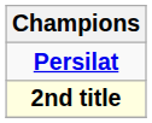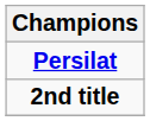 <table class="wikitable" style="text-align: center; margin: 0 auto;">
 <tr>
 <th>Champions</th>
 </tr>
 <tr>
 <td><strong><a href='#'>Persilat</a></strong></td>
 </tr>
 <tr>
-<td style="background: lightyellow;"><strong>2nd title</strong></td>
+<td><strong>2nd title</strong></td>
 </tr>
 <tr>
 </tr>
 </table>
